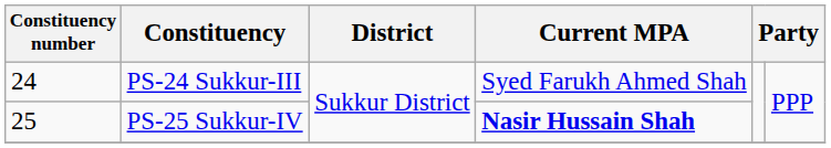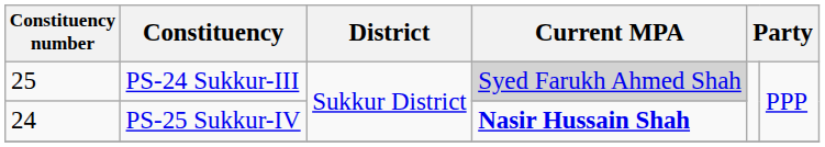 <table class="wikitable">
 <tr>
 <th width="50px" style="font-size:75%">Constituency number</th>
 <th>Constituency</th>
 <th>District</th>
 <th>Current MPA</th>
 <th colspan="2">Party</th>
 </tr>
 <tr>
-<td>24</td>
+<td>25</td>
 <td><a href='#'>PS-24 Sukkur-III</a></td>
 <td rowspan="2"><a href='#'>Sukkur District</a></td>
-<td><a href='#'>Syed Farukh Ahmed Shah</a></td>
+<td style="background: lightgrey;"><a href='#'>Syed Farukh Ahmed Shah</a></td>
 <td rowspan="2"></td>
 <td rowspan="2"><a href='#'>PPP</a></td>
 </tr>
 <tr>
-<td>25</td>
+<td>24</td>
 <td><a href='#'>PS-25 Sukkur-IV</a></td>
 <td><strong><a href='#'>Nasir Hussain Shah</a></strong></td>
 </tr>
 <tr>
 </tr>
 </table>
